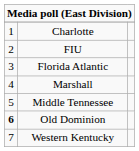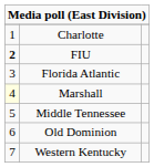 <table class="wikitable" style="display: inline-table;">
 <tr>
 <td align="center" Colspan="3"><strong>Media poll (East Division)</strong></td>
 </tr>
 <tr align="center">
 </tr>
 <tr align="center">
 <td>1</td>
 <td>Charlotte</td>
 <td></td>
 </tr>
 <tr align="center">
-<td>2</td>
+<td><strong>2</strong></td>
 <td>FIU</td>
 <td></td>
 </tr>
 <tr align="center">
 <td>3</td>
 <td>Florida Atlantic</td>
 <td></td>
 </tr>
 <tr align="center">
-<td>4</td>
+<td style="background: lightyellow;">4</td>
 <td>Marshall</td>
 <td></td>
 </tr>
 <tr align="center">
 <td>5</td>
 <td>Middle Tennessee</td>
 <td></td>
 </tr>
 <tr align="center">
-<td><strong>6</strong></td>
+<td>6</td>
 <td>Old Dominion</td>
 <td></td>
 </tr>
 <tr align="center">
 <td>7</td>
 <td>Western Kentucky</td>
 <td></td>
 </tr>
 </table>
